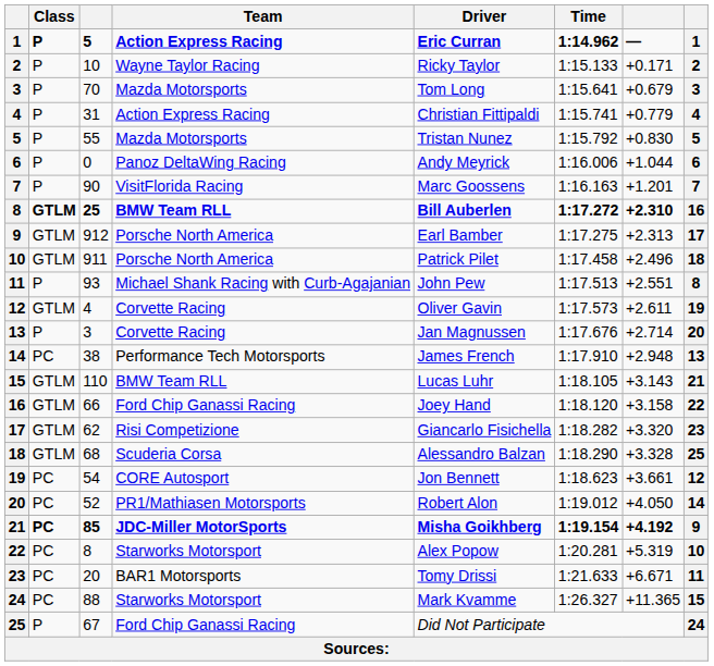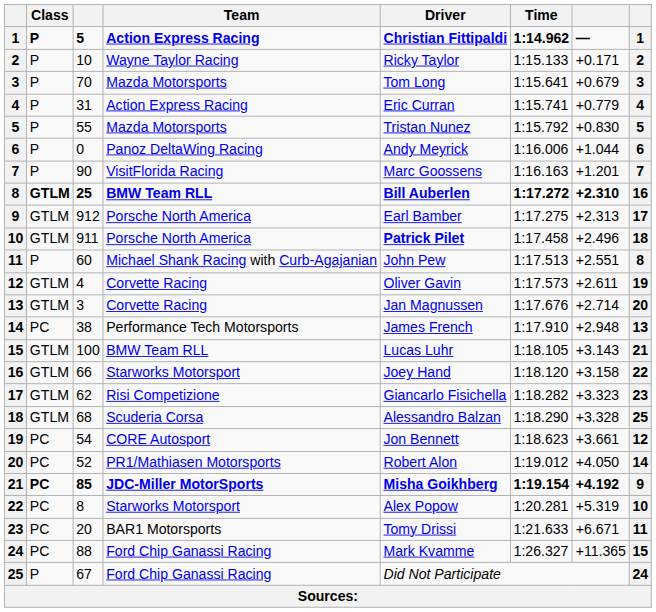 <table class="wikitable">
 <tr>
 <th></th>
 <th>Class</th>
 <th></th>
 <th>Team</th>
 <th>Driver</th>
 <th>Time</th>
 <th></th>
 <th></th>
 </tr>
 <tr style="font-weight:bold">
 <th>1</th>
 <td>P</td>
 <td>5</td>
 <td> <a href='#'>Action Express Racing</a></td>
-<td> <a href='#'>Eric Curran</a></td>
+<td> <a href='#'>Christian Fittipaldi</a></td>
 <td>1:14.962</td>
 <td><strong>—</strong></td>
 <th>1</th>
 </tr>
 <tr>
 <th>2</th>
 <td>P</td>
 <td>10</td>
 <td> <a href='#'>Wayne Taylor Racing</a></td>
 <td> <a href='#'>Ricky Taylor</a></td>
 <td>1:15.133</td>
 <td>+0.171</td>
 <th>2</th>
 </tr>
 <tr>
 <th>3</th>
 <td>P</td>
 <td>70</td>
 <td> <a href='#'>Mazda Motorsports</a></td>
 <td> <a href='#'>Tom Long</a></td>
 <td>1:15.641</td>
 <td>+0.679</td>
 <th>3</th>
 </tr>
 <tr>
 <th>4</th>
 <td>P</td>
 <td>31</td>
 <td> <a href='#'>Action Express Racing</a></td>
-<td> <a href='#'>Christian Fittipaldi</a></td>
+<td> <a href='#'>Eric Curran</a></td>
 <td>1:15.741</td>
 <td>+0.779</td>
 <th>4</th>
 </tr>
 <tr>
 <th>5</th>
 <td>P</td>
 <td>55</td>
 <td> <a href='#'>Mazda Motorsports</a></td>
 <td> <a href='#'>Tristan Nunez</a></td>
 <td>1:15.792</td>
 <td>+0.830</td>
 <th>5</th>
 </tr>
 <tr>
 <th>6</th>
 <td>P</td>
 <td>0</td>
 <td> <a href='#'>Panoz DeltaWing Racing</a></td>
 <td> <a href='#'>Andy Meyrick</a></td>
 <td>1:16.006</td>
 <td>+1.044</td>
 <th>6</th>
 </tr>
 <tr>
 <th>7</th>
 <td>P</td>
 <td>90</td>
 <td> <a href='#'>VisitFlorida Racing</a></td>
 <td> <a href='#'>Marc Goossens</a></td>
 <td>1:16.163</td>
 <td>+1.201</td>
 <th>7</th>
 </tr>
 <tr style="font-weight:bold">
 <th>8</th>
 <td>GTLM</td>
 <td>25</td>
 <td> <a href='#'>BMW Team RLL</a></td>
 <td> <a href='#'>Bill Auberlen</a></td>
 <td>1:17.272</td>
 <td>+2.310</td>
 <th>16</th>
 </tr>
 <tr>
 <th>9</th>
 <td>GTLM</td>
 <td>912</td>
 <td> <a href='#'>Porsche North America</a></td>
 <td> <a href='#'>Earl Bamber</a></td>
 <td>1:17.275</td>
 <td>+2.313</td>
 <th>17</th>
 </tr>
 <tr>
 <th>10</th>
 <td>GTLM</td>
 <td>911</td>
 <td> <a href='#'>Porsche North America</a></td>
-<td> <a href='#'>Patrick Pilet</a></td>
+<td><strong> <a href='#'>Patrick Pilet</a></strong></td>
 <td>1:17.458</td>
 <td>+2.496</td>
 <th>18</th>
 </tr>
 <tr>
 <th>11</th>
 <td>P</td>
-<td>93</td>
+<td>60</td>
 <td> <a href='#'>Michael Shank Racing</a> with <a href='#'>Curb-Agajanian</a></td>
 <td> <a href='#'>John Pew</a></td>
 <td>1:17.513</td>
 <td>+2.551</td>
 <th>8</th>
 </tr>
 <tr>
 <th>12</th>
 <td>GTLM</td>
 <td>4</td>
 <td> <a href='#'>Corvette Racing</a></td>
 <td> <a href='#'>Oliver Gavin</a></td>
 <td>1:17.573</td>
 <td>+2.611</td>
 <th>19</th>
 </tr>
 <tr>
 <th>13</th>
-<td>P</td>
+<td>GTLM</td>
 <td>3</td>
 <td> <a href='#'>Corvette Racing</a></td>
 <td> <a href='#'>Jan Magnussen</a></td>
 <td>1:17.676</td>
 <td>+2.714</td>
 <th>20</th>
 </tr>
 <tr>
 <th>14</th>
 <td>PC</td>
 <td>38</td>
 <td> Performance Tech Motorsports</td>
 <td> <a href='#'>James French</a></td>
 <td>1:17.910</td>
 <td>+2.948</td>
 <th>13</th>
 </tr>
 <tr>
 <th>15</th>
 <td>GTLM</td>
-<td>110</td>
+<td>100</td>
 <td> <a href='#'>BMW Team RLL</a></td>
 <td> <a href='#'>Lucas Luhr</a></td>
 <td>1:18.105</td>
 <td>+3.143</td>
 <th>21</th>
 </tr>
 <tr>
 <th>16</th>
 <td>GTLM</td>
 <td>66</td>
-<td> <a href='#'>Ford Chip Ganassi Racing</a></td>
+<td> <a href='#'>Starworks Motorsport</a></td>
 <td> <a href='#'>Joey Hand</a></td>
 <td>1:18.120</td>
 <td>+3.158</td>
 <th>22</th>
 </tr>
 <tr>
 <th>17</th>
 <td>GTLM</td>
 <td>62</td>
 <td> <a href='#'>Risi Competizione</a></td>
 <td> <a href='#'>Giancarlo Fisichella</a></td>
 <td>1:18.282</td>
-<td>+3.320</td>
+<td>+3.323</td>
 <th>23</th>
 </tr>
 <tr>
 <th>18</th>
 <td>GTLM</td>
 <td>68</td>
 <td> <a href='#'>Scuderia Corsa</a></td>
 <td> <a href='#'>Alessandro Balzan</a></td>
 <td>1:18.290</td>
 <td>+3.328</td>
 <th>25</th>
 </tr>
 <tr>
 <th>19</th>
 <td>PC</td>
 <td>54</td>
 <td> <a href='#'>CORE Autosport</a></td>
 <td> <a href='#'>Jon Bennett</a></td>
 <td>1:18.623</td>
 <td>+3.661</td>
 <th>12</th>
 </tr>
 <tr>
 <th>20</th>
 <td>PC</td>
 <td>52</td>
 <td> <a href='#'>PR1/Mathiasen Motorsports</a></td>
 <td> <a href='#'>Robert Alon</a></td>
 <td>1:19.012</td>
 <td>+4.050</td>
 <th>14</th>
 </tr>
 <tr style="font-weight:bold">
 <th>21</th>
 <td>PC</td>
 <td>85</td>
 <td> <a href='#'>JDC-Miller MotorSports</a></td>
 <td> <a href='#'>Misha Goikhberg</a></td>
 <td>1:19.154</td>
 <td>+4.192</td>
 <th>9</th>
 </tr>
 <tr>
 <th>22</th>
 <td>PC</td>
 <td>8</td>
 <td> <a href='#'>Starworks Motorsport</a></td>
 <td> <a href='#'>Alex Popow</a></td>
 <td>1:20.281</td>
 <td>+5.319</td>
 <th>10</th>
 </tr>
 <tr>
 <th>23</th>
 <td>PC</td>
 <td>20</td>
 <td> BAR1 Motorsports</td>
 <td> <a href='#'>Tomy Drissi</a></td>
 <td>1:21.633</td>
 <td>+6.671</td>
 <th>11</th>
 </tr>
 <tr>
 <th>24</th>
 <td>PC</td>
 <td>88</td>
-<td> <a href='#'>Starworks Motorsport</a></td>
+<td> <a href='#'>Ford Chip Ganassi Racing</a></td>
 <td> <a href='#'>Mark Kvamme</a></td>
 <td>1:26.327</td>
 <td>+11.365</td>
 <th>15</th>
 </tr>
 <tr>
 <th>25</th>
 <td>P</td>
 <td>67</td>
 <td> <a href='#'>Ford Chip Ganassi Racing</a></td>
 <td colspan="3"><em>Did Not Participate</em></td>
 <th>24</th>
 </tr>
 <tr>
 <th colspan="8">Sources:</th>
 </tr>
 </table>
